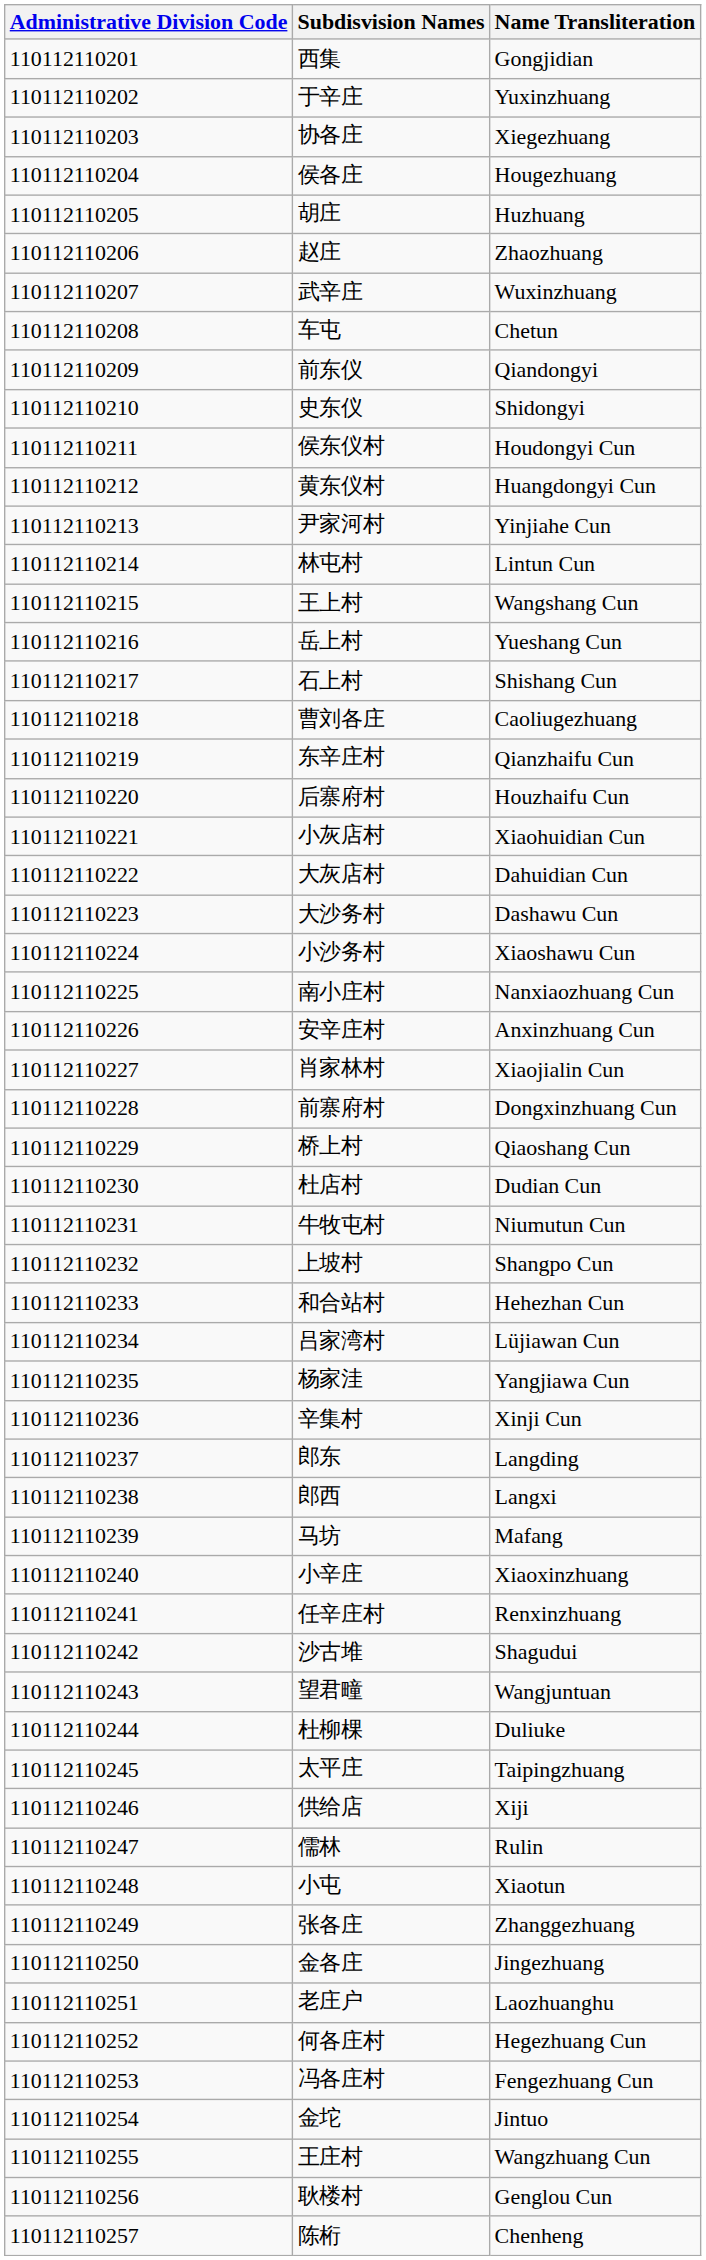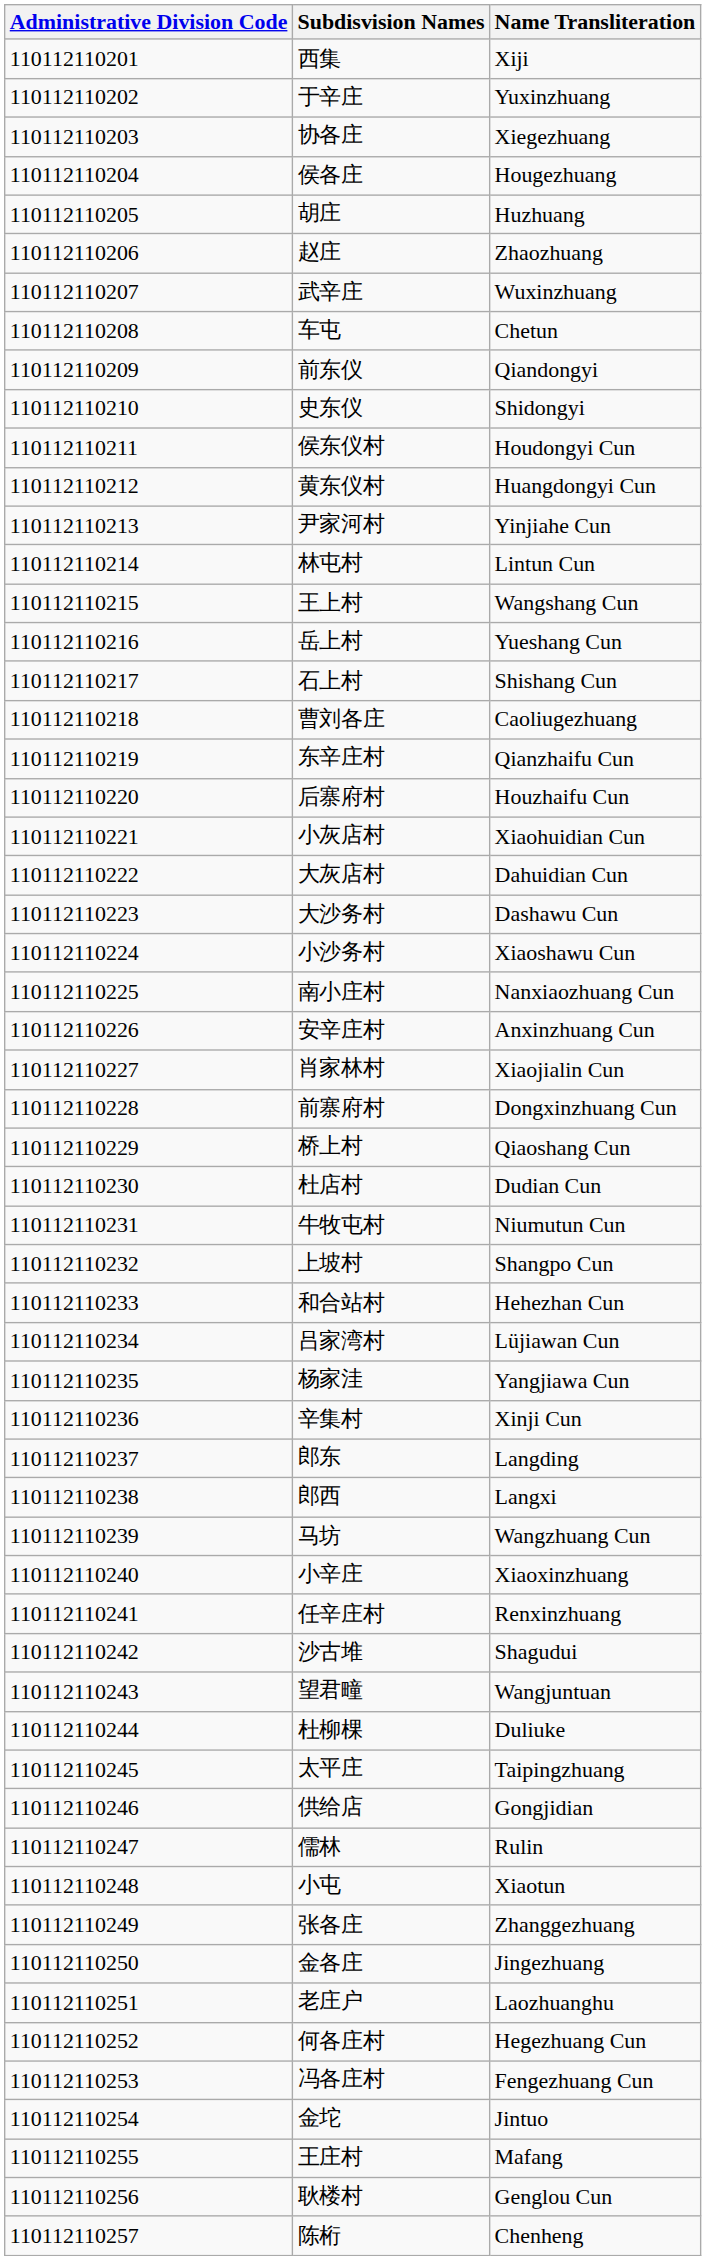 <table class="wikitable sortable">
 <tr>
 <th><a href='#'>Administrative Division Code</a></th>
 <th>Subdisvision Names</th>
 <th>Name Transliteration</th>
 </tr>
 <tr>
 <td>110112110201</td>
 <td>西集</td>
-<td>Gongjidian</td>
+<td>Xiji</td>
 </tr>
 <tr>
 <td>110112110202</td>
 <td>于辛庄</td>
 <td>Yuxinzhuang</td>
 </tr>
 <tr>
 <td>110112110203</td>
 <td>协各庄</td>
 <td>Xiegezhuang</td>
 </tr>
 <tr>
 <td>110112110204</td>
 <td>侯各庄</td>
 <td>Hougezhuang</td>
 </tr>
 <tr>
 <td>110112110205</td>
 <td>胡庄</td>
 <td>Huzhuang</td>
 </tr>
 <tr>
 <td>110112110206</td>
 <td>赵庄</td>
 <td>Zhaozhuang</td>
 </tr>
 <tr>
 <td>110112110207</td>
 <td>武辛庄</td>
 <td>Wuxinzhuang</td>
 </tr>
 <tr>
 <td>110112110208</td>
 <td>车屯</td>
 <td>Chetun</td>
 </tr>
 <tr>
 <td>110112110209</td>
 <td>前东仪</td>
 <td>Qiandongyi</td>
 </tr>
 <tr>
 <td>110112110210</td>
 <td>史东仪</td>
 <td>Shidongyi</td>
 </tr>
 <tr>
 <td>110112110211</td>
 <td>侯东仪村</td>
 <td>Houdongyi Cun</td>
 </tr>
 <tr>
 <td>110112110212</td>
 <td>黄东仪村</td>
 <td>Huangdongyi Cun</td>
 </tr>
 <tr>
 <td>110112110213</td>
 <td>尹家河村</td>
 <td>Yinjiahe Cun</td>
 </tr>
 <tr>
 <td>110112110214</td>
 <td>林屯村</td>
 <td>Lintun Cun</td>
 </tr>
 <tr>
 <td>110112110215</td>
 <td>王上村</td>
 <td>Wangshang Cun</td>
 </tr>
 <tr>
 <td>110112110216</td>
 <td>岳上村</td>
 <td>Yueshang Cun</td>
 </tr>
 <tr>
 <td>110112110217</td>
 <td>石上村</td>
 <td>Shishang Cun</td>
 </tr>
 <tr>
 <td>110112110218</td>
 <td>曹刘各庄</td>
 <td>Caoliugezhuang</td>
 </tr>
 <tr>
 <td>110112110219</td>
 <td>东辛庄村</td>
 <td>Qianzhaifu Cun</td>
 </tr>
 <tr>
 <td>110112110220</td>
 <td>后寨府村</td>
 <td>Houzhaifu Cun</td>
 </tr>
 <tr>
 <td>110112110221</td>
 <td>小灰店村</td>
 <td>Xiaohuidian Cun</td>
 </tr>
 <tr>
 <td>110112110222</td>
 <td>大灰店村</td>
 <td>Dahuidian Cun</td>
 </tr>
 <tr>
 <td>110112110223</td>
 <td>大沙务村</td>
 <td>Dashawu Cun</td>
 </tr>
 <tr>
 <td>110112110224</td>
 <td>小沙务村</td>
 <td>Xiaoshawu Cun</td>
 </tr>
 <tr>
 <td>110112110225</td>
 <td>南小庄村</td>
 <td>Nanxiaozhuang Cun</td>
 </tr>
 <tr>
 <td>110112110226</td>
 <td>安辛庄村</td>
 <td>Anxinzhuang Cun</td>
 </tr>
 <tr>
 <td>110112110227</td>
 <td>肖家林村</td>
 <td>Xiaojialin Cun</td>
 </tr>
 <tr>
 <td>110112110228</td>
 <td>前寨府村</td>
 <td>Dongxinzhuang Cun</td>
 </tr>
 <tr>
 <td>110112110229</td>
 <td>桥上村</td>
 <td>Qiaoshang Cun</td>
 </tr>
 <tr>
 <td>110112110230</td>
 <td>杜店村</td>
 <td>Dudian Cun</td>
 </tr>
 <tr>
 <td>110112110231</td>
 <td>牛牧屯村</td>
 <td>Niumutun Cun</td>
 </tr>
 <tr>
 <td>110112110232</td>
 <td>上坡村</td>
 <td>Shangpo Cun</td>
 </tr>
 <tr>
 <td>110112110233</td>
 <td>和合站村</td>
 <td>Hehezhan Cun</td>
 </tr>
 <tr>
 <td>110112110234</td>
 <td>吕家湾村</td>
 <td>Lüjiawan Cun</td>
 </tr>
 <tr>
 <td>110112110235</td>
 <td>杨家洼</td>
 <td>Yangjiawa Cun</td>
 </tr>
 <tr>
 <td>110112110236</td>
 <td>辛集村</td>
 <td>Xinji Cun</td>
 </tr>
 <tr>
 <td>110112110237</td>
 <td>郎东</td>
 <td>Langding</td>
 </tr>
 <tr>
 <td>110112110238</td>
 <td>郎西</td>
 <td>Langxi</td>
 </tr>
 <tr>
 <td>110112110239</td>
 <td>马坊</td>
-<td>Mafang</td>
+<td>Wangzhuang Cun</td>
 </tr>
 <tr>
 <td>110112110240</td>
 <td>小辛庄</td>
 <td>Xiaoxinzhuang</td>
 </tr>
 <tr>
 <td>110112110241</td>
 <td>任辛庄村</td>
 <td>Renxinzhuang</td>
 </tr>
 <tr>
 <td>110112110242</td>
 <td>沙古堆</td>
 <td>Shagudui</td>
 </tr>
 <tr>
 <td>110112110243</td>
 <td>望君疃</td>
 <td>Wangjuntuan</td>
 </tr>
 <tr>
 <td>110112110244</td>
 <td>杜柳棵</td>
 <td>Duliuke</td>
 </tr>
 <tr>
 <td>110112110245</td>
 <td>太平庄</td>
 <td>Taipingzhuang</td>
 </tr>
 <tr>
 <td>110112110246</td>
 <td>供给店</td>
-<td>Xiji</td>
+<td>Gongjidian</td>
 </tr>
 <tr>
 <td>110112110247</td>
 <td>儒林</td>
 <td>Rulin</td>
 </tr>
 <tr>
 <td>110112110248</td>
 <td>小屯</td>
 <td>Xiaotun</td>
 </tr>
 <tr>
 <td>110112110249</td>
 <td>张各庄</td>
 <td>Zhanggezhuang</td>
 </tr>
 <tr>
 <td>110112110250</td>
 <td>金各庄</td>
 <td>Jingezhuang</td>
 </tr>
 <tr>
 <td>110112110251</td>
 <td>老庄户</td>
 <td>Laozhuanghu</td>
 </tr>
 <tr>
 <td>110112110252</td>
 <td>何各庄村</td>
 <td>Hegezhuang Cun</td>
 </tr>
 <tr>
 <td>110112110253</td>
 <td>冯各庄村</td>
 <td>Fengezhuang Cun</td>
 </tr>
 <tr>
 <td>110112110254</td>
 <td>金坨</td>
 <td>Jintuo</td>
 </tr>
 <tr>
 <td>110112110255</td>
 <td>王庄村</td>
-<td>Wangzhuang Cun</td>
+<td>Mafang</td>
 </tr>
 <tr>
 <td>110112110256</td>
 <td>耿楼村</td>
 <td>Genglou Cun</td>
 </tr>
 <tr>
 <td>110112110257</td>
 <td>陈桁</td>
 <td>Chenheng</td>
 </tr>
 </table>
